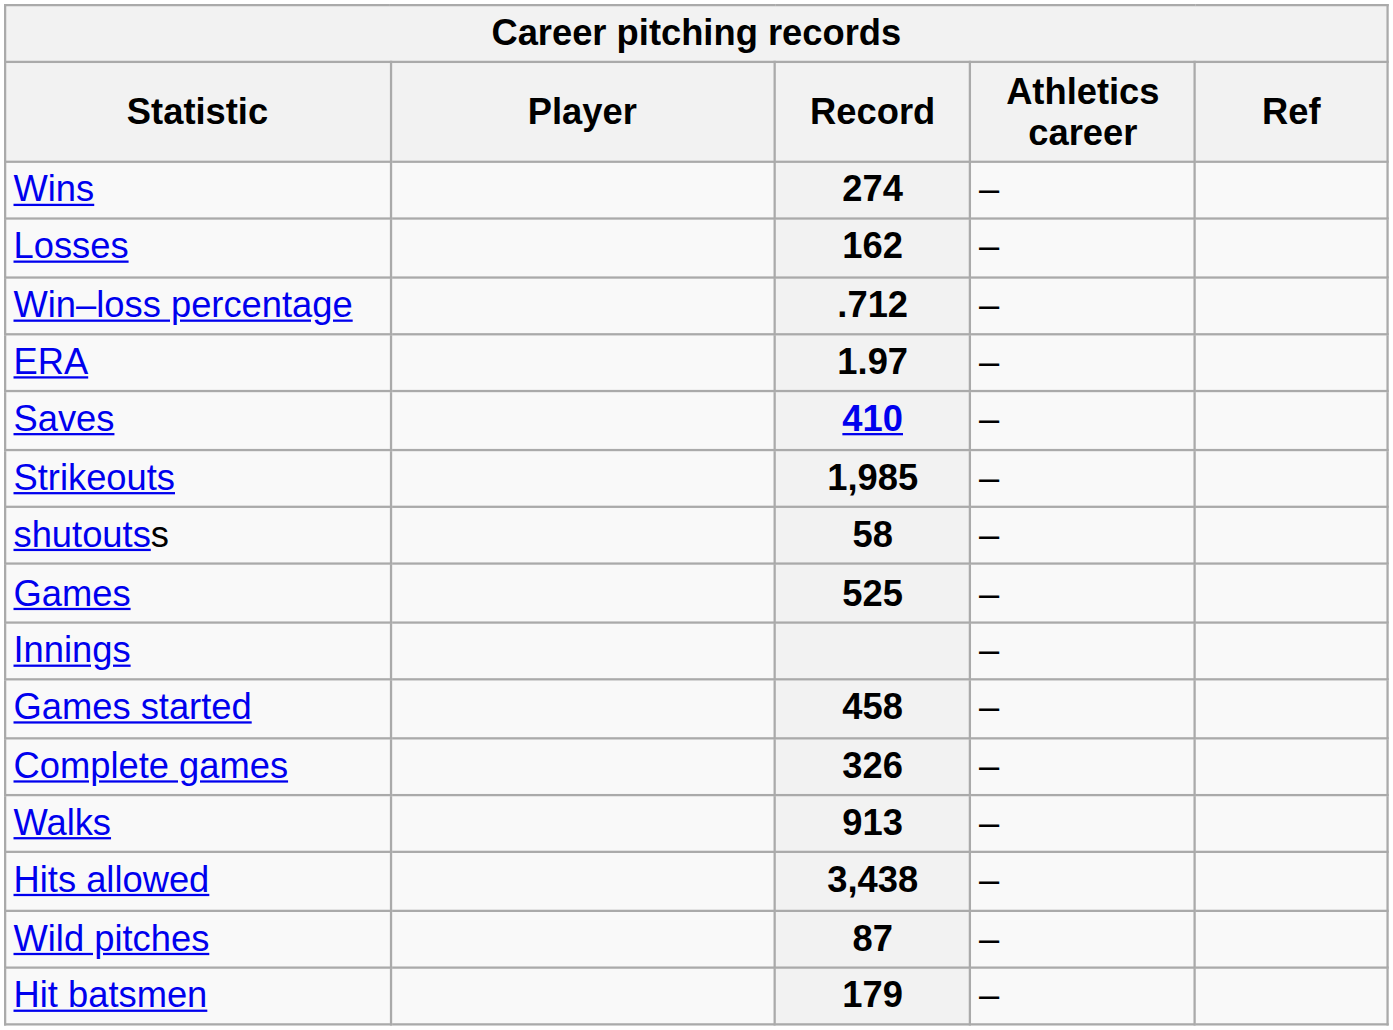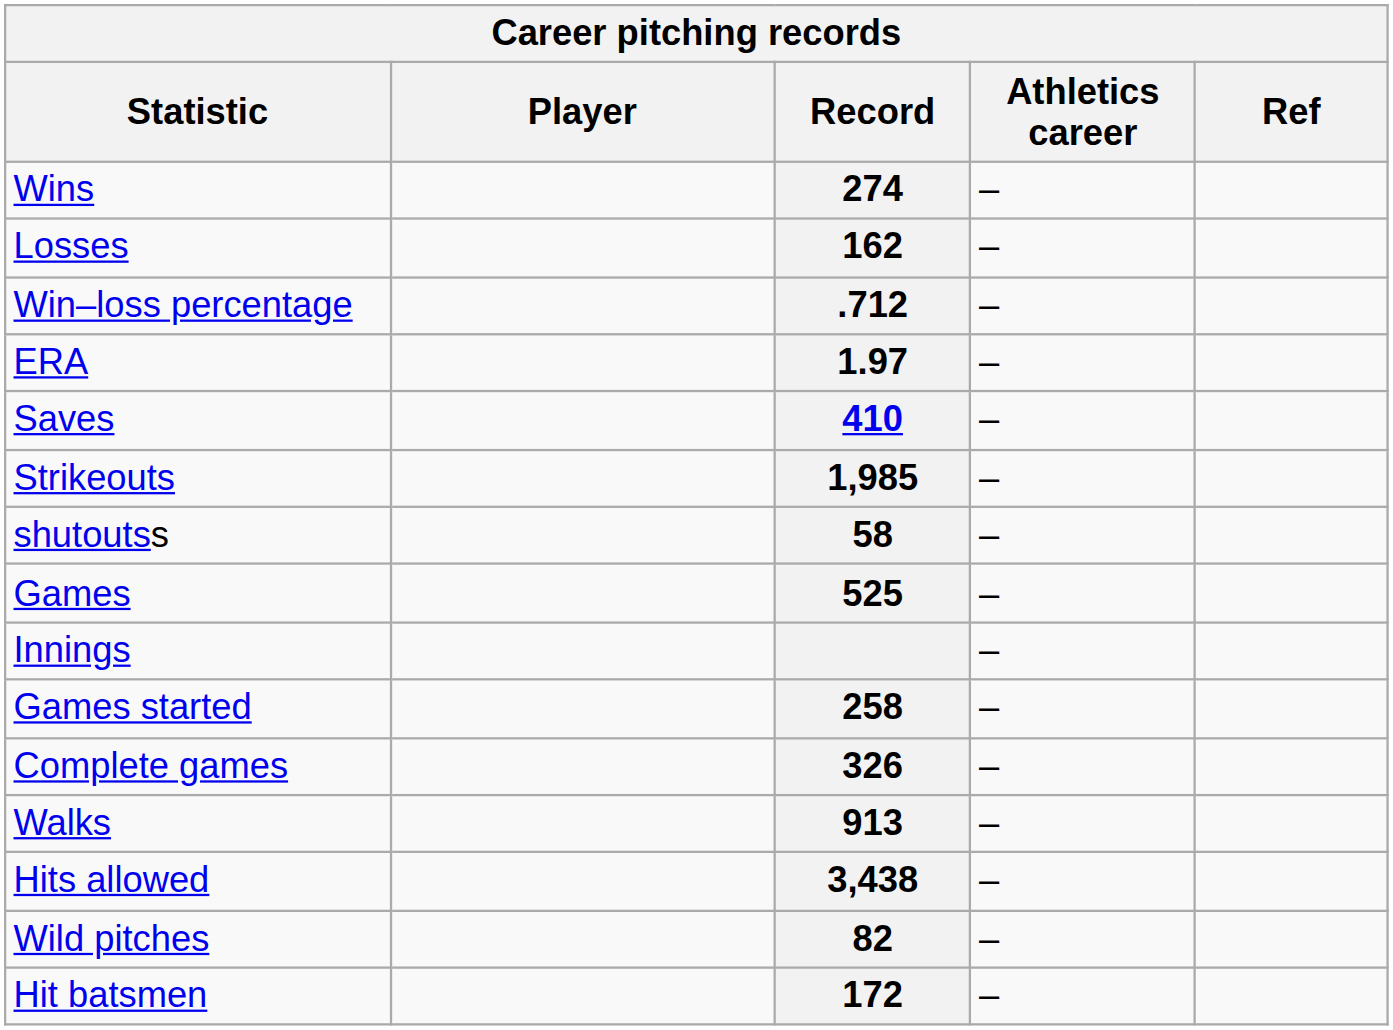 <table class="wikitable" width="69%">
 <tr>
 <th colspan=5>Career pitching records</th>
 </tr>
 <tr>
 <th scope="col" width=20%>Statistic</th>
 <th scope="col" width=20%>Player</th>
 <th scope="col" width=10% class="unsortable">Record</th>
 <th scope="col" width=10%>Athletics career</th>
 <th scope="col" width=10% class="unsortable">Ref</th>
 </tr>
 <tr>
 <td><a href='#'>Wins</a></td>
 <td></td>
 <th scope="row">274</th>
 <td>–</td>
 <td></td>
 </tr>
 <tr>
 <td><a href='#'>Losses</a></td>
 <td></td>
 <th scope="row">162</th>
 <td>–</td>
 <td></td>
 </tr>
 <tr>
 <td><a href='#'>Win–loss percentage</a></td>
 <td></td>
 <th scope="row">.712</th>
 <td>–</td>
 <td></td>
 </tr>
 <tr>
 <td><a href='#'>ERA</a></td>
 <td></td>
 <th scope="row">1.97</th>
 <td>–</td>
 <td></td>
 </tr>
 <tr>
 <td><a href='#'>Saves</a></td>
 <td></td>
 <th scope="row"><a href='#'>410</a></th>
 <td>–</td>
 <td></td>
 </tr>
 <tr>
 <td><a href='#'>Strikeouts</a></td>
 <td></td>
 <th scope="row">1,985</th>
 <td>–</td>
 <td></td>
 </tr>
 <tr>
 <td><a href='#'>shutouts</a>s</td>
 <td></td>
 <th scope="row">58</th>
 <td>–</td>
 <td></td>
 </tr>
 <tr>
 <td><a href='#'>Games</a></td>
 <td></td>
 <th scope="row">525</th>
 <td>–</td>
 <td></td>
 </tr>
 <tr>
 <td><a href='#'>Innings</a></td>
 <td></td>
 <th scope="row"></th>
 <td>–</td>
 <td></td>
 </tr>
 <tr>
 <td><a href='#'>Games started</a></td>
 <td></td>
-<th scope="row">458</th>
+<th scope="row">258</th>
 <td>–</td>
 <td></td>
 </tr>
 <tr>
 <td><a href='#'>Complete games</a></td>
 <td></td>
 <th scope="row">326</th>
 <td>–</td>
 <td></td>
 </tr>
 <tr>
 <td><a href='#'>Walks</a></td>
 <td></td>
 <th scope="row">913</th>
 <td>–</td>
 <td></td>
 </tr>
 <tr>
 <td><a href='#'>Hits allowed</a></td>
 <td></td>
 <th scope="row">3,438</th>
 <td>–</td>
 <td></td>
 </tr>
 <tr>
 <td><a href='#'>Wild pitches</a></td>
 <td></td>
-<th scope="row">87</th>
+<th scope="row">82</th>
 <td>–</td>
 <td></td>
 </tr>
 <tr>
 <td><a href='#'>Hit batsmen</a></td>
 <td></td>
-<th scope="row">179</th>
+<th scope="row">172</th>
 <td>–</td>
 <td></td>
 </tr>
 </table>
